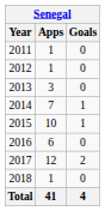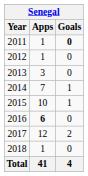 <table class="wikitable" style="text-align:center">
 <tr>
 <th colspan="3"><a href='#'>Senegal</a></th>
 </tr>
 <tr>
 <th>Year</th>
 <th>Apps</th>
 <th>Goals</th>
 </tr>
 <tr>
 <td>2011</td>
 <td>1</td>
-<td>0</td>
+<td><strong>0</strong></td>
 </tr>
 <tr>
 <td>2012</td>
 <td>1</td>
 <td>0</td>
 </tr>
 <tr>
 <td>2013</td>
 <td>3</td>
 <td>0</td>
 </tr>
 <tr>
 <td>2014</td>
 <td>7</td>
 <td>1</td>
 </tr>
 <tr>
 <td>2015</td>
 <td>10</td>
 <td>1</td>
 </tr>
 <tr>
 <td>2016</td>
-<td>6</td>
+<td><strong>6</strong></td>
 <td>0</td>
 </tr>
 <tr>
 <td>2017</td>
 <td>12</td>
 <td>2</td>
 </tr>
 <tr>
 <td>2018</td>
 <td>1</td>
 <td>0</td>
 </tr>
 <tr>
 <th>Total</th>
 <th>41</th>
 <th>4</th>
 </tr>
 </table>
